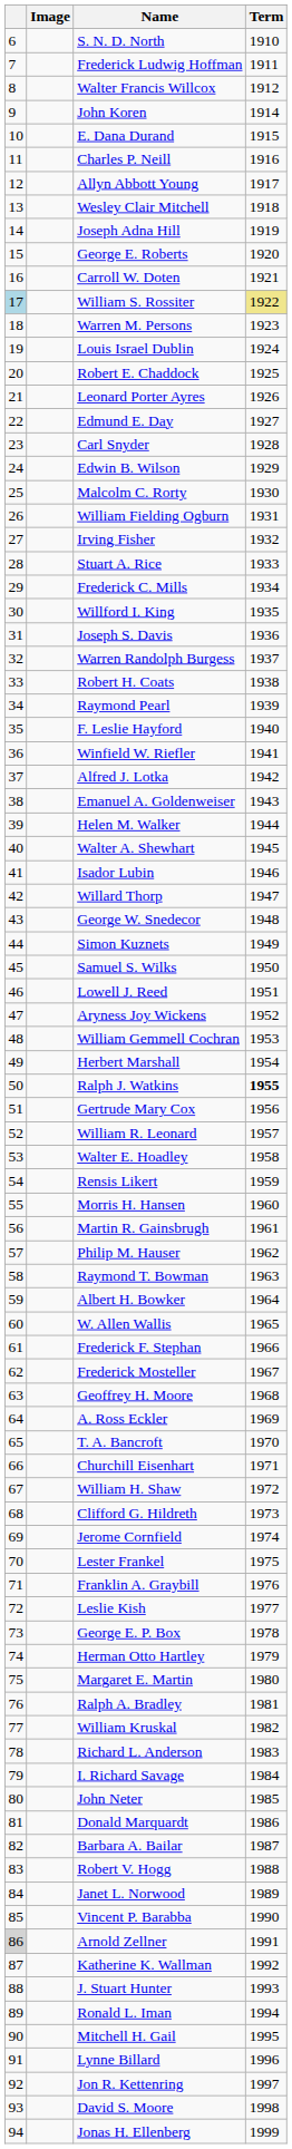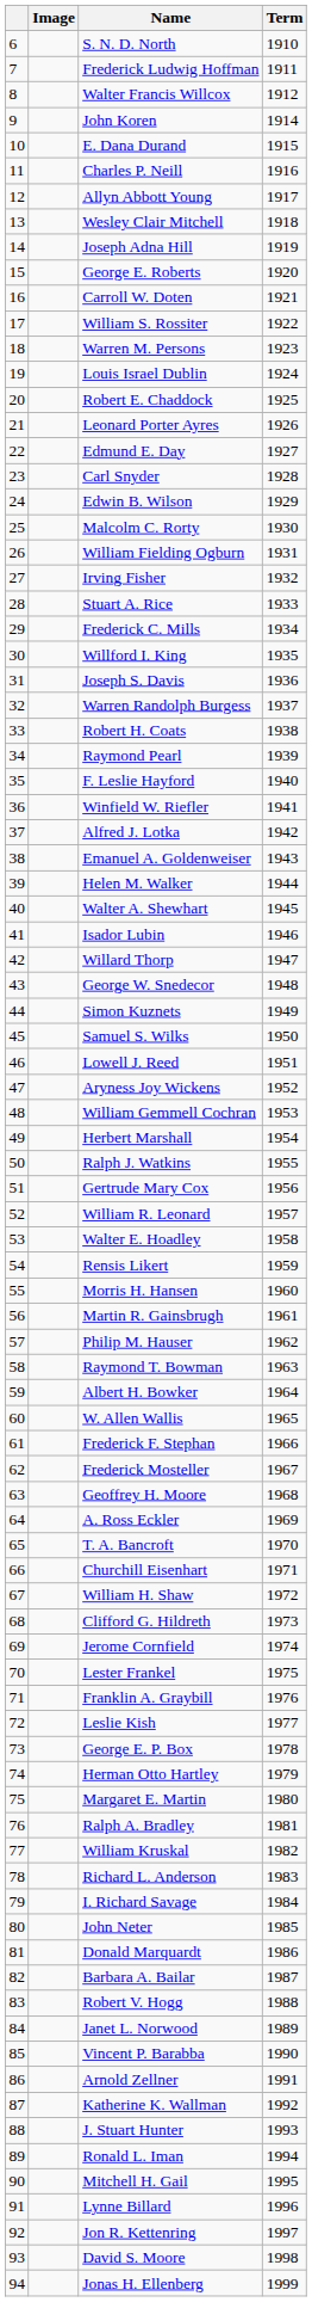 <table class="wikitable sortable">
 <tr>
 <th></th>
 <th class="unsortable">Image</th>
 <th>Name</th>
 <th>Term</th>
 </tr>
 <tr>
 <td>6</td>
 <td></td>
 <td><a href='#'>S. N. D. North</a></td>
 <td>1910</td>
 </tr>
 <tr>
 <td>7</td>
 <td></td>
 <td><a href='#'>Frederick Ludwig Hoffman</a></td>
 <td>1911</td>
 </tr>
 <tr>
 <td>8</td>
 <td></td>
 <td><a href='#'>Walter Francis Willcox</a></td>
 <td>1912</td>
 </tr>
 <tr>
 <td>9</td>
 <td></td>
 <td><a href='#'>John Koren</a></td>
 <td>1914</td>
 </tr>
 <tr>
 <td>10</td>
 <td></td>
 <td><a href='#'>E. Dana Durand</a></td>
 <td>1915</td>
 </tr>
 <tr>
 <td>11</td>
 <td></td>
 <td><a href='#'>Charles P. Neill</a></td>
 <td>1916</td>
 </tr>
 <tr>
 <td>12</td>
 <td></td>
 <td><a href='#'>Allyn Abbott Young</a></td>
 <td>1917</td>
 </tr>
 <tr>
 <td>13</td>
 <td></td>
 <td><a href='#'>Wesley Clair Mitchell</a></td>
 <td>1918</td>
 </tr>
 <tr>
 <td>14</td>
 <td></td>
 <td><a href='#'>Joseph Adna Hill</a></td>
 <td>1919</td>
 </tr>
 <tr>
 <td>15</td>
 <td></td>
 <td><a href='#'>George E. Roberts</a></td>
 <td>1920</td>
 </tr>
 <tr>
 <td>16</td>
 <td></td>
 <td><a href='#'>Carroll W. Doten</a></td>
 <td>1921</td>
 </tr>
 <tr>
-<td style="background: lightblue;">17</td>
+<td>17</td>
 <td></td>
 <td><a href='#'>William S. Rossiter</a></td>
-<td style="background: khaki;">1922</td>
+<td>1922</td>
 </tr>
 <tr>
 <td>18</td>
 <td></td>
 <td><a href='#'>Warren M. Persons</a></td>
 <td>1923</td>
 </tr>
 <tr>
 <td>19</td>
 <td></td>
 <td><a href='#'>Louis Israel Dublin</a></td>
 <td>1924</td>
 </tr>
 <tr>
 <td>20</td>
 <td></td>
 <td><a href='#'>Robert E. Chaddock</a></td>
 <td>1925</td>
 </tr>
 <tr>
 <td>21</td>
 <td></td>
 <td><a href='#'>Leonard Porter Ayres</a></td>
 <td>1926</td>
 </tr>
 <tr>
 <td>22</td>
 <td></td>
 <td><a href='#'>Edmund E. Day</a></td>
 <td>1927</td>
 </tr>
 <tr>
 <td>23</td>
 <td></td>
 <td><a href='#'>Carl Snyder</a></td>
 <td>1928</td>
 </tr>
 <tr>
 <td>24</td>
 <td></td>
 <td><a href='#'>Edwin B. Wilson</a></td>
 <td>1929</td>
 </tr>
 <tr>
 <td>25</td>
 <td></td>
 <td><a href='#'>Malcolm C. Rorty</a></td>
 <td>1930</td>
 </tr>
 <tr>
 <td>26</td>
 <td></td>
 <td><a href='#'>William Fielding Ogburn</a></td>
 <td>1931</td>
 </tr>
 <tr>
 <td>27</td>
 <td></td>
 <td><a href='#'>Irving Fisher</a></td>
 <td>1932</td>
 </tr>
 <tr>
 <td>28</td>
 <td></td>
 <td><a href='#'>Stuart A. Rice</a></td>
 <td>1933</td>
 </tr>
 <tr>
 <td>29</td>
 <td></td>
 <td><a href='#'>Frederick C. Mills</a></td>
 <td>1934</td>
 </tr>
 <tr>
 <td>30</td>
 <td></td>
 <td><a href='#'>Willford I. King</a></td>
 <td>1935</td>
 </tr>
 <tr>
 <td>31</td>
 <td></td>
 <td><a href='#'>Joseph S. Davis</a></td>
 <td>1936</td>
 </tr>
 <tr>
 <td>32</td>
 <td></td>
 <td><a href='#'>Warren Randolph Burgess</a></td>
 <td>1937</td>
 </tr>
 <tr>
 <td>33</td>
 <td></td>
 <td><a href='#'>Robert H. Coats</a></td>
 <td>1938</td>
 </tr>
 <tr>
 <td>34</td>
 <td></td>
 <td><a href='#'>Raymond Pearl</a></td>
 <td>1939</td>
 </tr>
 <tr>
 <td>35</td>
 <td></td>
 <td><a href='#'>F. Leslie Hayford</a></td>
 <td>1940</td>
 </tr>
 <tr>
 <td>36</td>
 <td></td>
 <td><a href='#'>Winfield W. Riefler</a></td>
 <td>1941</td>
 </tr>
 <tr>
 <td>37</td>
 <td></td>
 <td><a href='#'>Alfred J. Lotka</a></td>
 <td>1942</td>
 </tr>
 <tr>
 <td>38</td>
 <td></td>
 <td><a href='#'>Emanuel A. Goldenweiser</a></td>
 <td>1943</td>
 </tr>
 <tr>
 <td>39</td>
 <td></td>
 <td><a href='#'>Helen M. Walker</a></td>
 <td>1944</td>
 </tr>
 <tr>
 <td>40</td>
 <td></td>
 <td><a href='#'>Walter A. Shewhart</a></td>
 <td>1945</td>
 </tr>
 <tr>
 <td>41</td>
 <td></td>
 <td><a href='#'>Isador Lubin</a></td>
 <td>1946</td>
 </tr>
 <tr>
 <td>42</td>
 <td></td>
 <td><a href='#'>Willard Thorp</a></td>
 <td>1947</td>
 </tr>
 <tr>
 <td>43</td>
 <td></td>
 <td><a href='#'>George W. Snedecor</a></td>
 <td>1948</td>
 </tr>
 <tr>
 <td>44</td>
 <td></td>
 <td><a href='#'>Simon Kuznets</a></td>
 <td>1949</td>
 </tr>
 <tr>
 <td>45</td>
 <td></td>
 <td><a href='#'>Samuel S. Wilks</a></td>
 <td>1950</td>
 </tr>
 <tr>
 <td>46</td>
 <td></td>
 <td><a href='#'>Lowell J. Reed</a></td>
 <td>1951</td>
 </tr>
 <tr>
 <td>47</td>
 <td></td>
 <td><a href='#'>Aryness Joy Wickens</a></td>
 <td>1952</td>
 </tr>
 <tr>
 <td>48</td>
 <td></td>
 <td><a href='#'>William Gemmell Cochran</a></td>
 <td>1953</td>
 </tr>
 <tr>
 <td>49</td>
 <td></td>
 <td><a href='#'>Herbert Marshall</a></td>
 <td>1954</td>
 </tr>
 <tr>
 <td>50</td>
 <td></td>
 <td><a href='#'>Ralph J. Watkins</a></td>
-<td><strong>1955</strong></td>
+<td>1955</td>
 </tr>
 <tr>
 <td>51</td>
 <td></td>
 <td><a href='#'>Gertrude Mary Cox</a></td>
 <td>1956</td>
 </tr>
 <tr>
 <td>52</td>
 <td></td>
 <td><a href='#'>William R. Leonard</a></td>
 <td>1957</td>
 </tr>
 <tr>
 <td>53</td>
 <td></td>
 <td><a href='#'>Walter E. Hoadley</a></td>
 <td>1958</td>
 </tr>
 <tr>
 <td>54</td>
 <td></td>
 <td><a href='#'>Rensis Likert</a></td>
 <td>1959</td>
 </tr>
 <tr>
 <td>55</td>
 <td></td>
 <td><a href='#'>Morris H. Hansen</a></td>
 <td>1960</td>
 </tr>
 <tr>
 <td>56</td>
 <td></td>
 <td><a href='#'>Martin R. Gainsbrugh</a></td>
 <td>1961</td>
 </tr>
 <tr>
 <td>57</td>
 <td></td>
 <td><a href='#'>Philip M. Hauser</a></td>
 <td>1962</td>
 </tr>
 <tr>
 <td>58</td>
 <td></td>
 <td><a href='#'>Raymond T. Bowman</a></td>
 <td>1963</td>
 </tr>
 <tr>
 <td>59</td>
 <td></td>
 <td><a href='#'>Albert H. Bowker</a></td>
 <td>1964</td>
 </tr>
 <tr>
 <td>60</td>
 <td></td>
 <td><a href='#'>W. Allen Wallis</a></td>
 <td>1965</td>
 </tr>
 <tr>
 <td>61</td>
 <td></td>
 <td><a href='#'>Frederick F. Stephan</a></td>
 <td>1966</td>
 </tr>
 <tr>
 <td>62</td>
 <td></td>
 <td><a href='#'>Frederick Mosteller</a></td>
 <td>1967</td>
 </tr>
 <tr>
 <td>63</td>
 <td></td>
 <td><a href='#'>Geoffrey H. Moore</a></td>
 <td>1968</td>
 </tr>
 <tr>
 <td>64</td>
 <td></td>
 <td><a href='#'>A. Ross Eckler</a></td>
 <td>1969</td>
 </tr>
 <tr>
 <td>65</td>
 <td></td>
 <td><a href='#'>T. A. Bancroft</a></td>
 <td>1970</td>
 </tr>
 <tr>
 <td>66</td>
 <td></td>
 <td><a href='#'>Churchill Eisenhart</a></td>
 <td>1971</td>
 </tr>
 <tr>
 <td>67</td>
 <td></td>
 <td><a href='#'>William H. Shaw</a></td>
 <td>1972</td>
 </tr>
 <tr>
 <td>68</td>
 <td></td>
 <td><a href='#'>Clifford G. Hildreth</a></td>
 <td>1973</td>
 </tr>
 <tr>
 <td>69</td>
 <td></td>
 <td><a href='#'>Jerome Cornfield</a></td>
 <td>1974</td>
 </tr>
 <tr>
 <td>70</td>
 <td></td>
 <td><a href='#'>Lester Frankel</a></td>
 <td>1975</td>
 </tr>
 <tr>
 <td>71</td>
 <td></td>
 <td><a href='#'>Franklin A. Graybill</a></td>
 <td>1976</td>
 </tr>
 <tr>
 <td>72</td>
 <td></td>
 <td><a href='#'>Leslie Kish</a></td>
 <td>1977</td>
 </tr>
 <tr>
 <td>73</td>
 <td></td>
 <td><a href='#'>George E. P. Box</a></td>
 <td>1978</td>
 </tr>
 <tr>
 <td>74</td>
 <td></td>
 <td><a href='#'>Herman Otto Hartley</a></td>
 <td>1979</td>
 </tr>
 <tr>
 <td>75</td>
 <td></td>
 <td><a href='#'>Margaret E. Martin</a></td>
 <td>1980</td>
 </tr>
 <tr>
 <td>76</td>
 <td></td>
 <td><a href='#'>Ralph A. Bradley</a></td>
 <td>1981</td>
 </tr>
 <tr>
 <td>77</td>
 <td></td>
 <td><a href='#'>William Kruskal</a></td>
 <td>1982</td>
 </tr>
 <tr>
 <td>78</td>
 <td></td>
 <td><a href='#'>Richard L. Anderson</a></td>
 <td>1983</td>
 </tr>
 <tr>
 <td>79</td>
 <td></td>
 <td><a href='#'>I. Richard Savage</a></td>
 <td>1984</td>
 </tr>
 <tr>
 <td>80</td>
 <td></td>
 <td><a href='#'>John Neter</a></td>
 <td>1985</td>
 </tr>
 <tr>
 <td>81</td>
 <td></td>
 <td><a href='#'>Donald Marquardt</a></td>
 <td>1986</td>
 </tr>
 <tr>
 <td>82</td>
 <td></td>
 <td><a href='#'>Barbara A. Bailar</a></td>
 <td>1987</td>
 </tr>
 <tr>
 <td>83</td>
 <td></td>
 <td><a href='#'>Robert V. Hogg</a></td>
 <td>1988</td>
 </tr>
 <tr>
 <td>84</td>
 <td></td>
 <td><a href='#'>Janet L. Norwood</a></td>
 <td>1989</td>
 </tr>
 <tr>
 <td>85</td>
 <td></td>
 <td><a href='#'>Vincent P. Barabba</a></td>
 <td>1990</td>
 </tr>
 <tr>
-<td style="background: lightgrey;">86</td>
+<td>86</td>
 <td></td>
 <td><a href='#'>Arnold Zellner</a></td>
 <td>1991</td>
 </tr>
 <tr>
 <td>87</td>
 <td></td>
 <td><a href='#'>Katherine K. Wallman</a></td>
 <td>1992</td>
 </tr>
 <tr>
 <td>88</td>
 <td></td>
 <td><a href='#'>J. Stuart Hunter</a></td>
 <td>1993</td>
 </tr>
 <tr>
 <td>89</td>
 <td></td>
 <td><a href='#'>Ronald L. Iman</a></td>
 <td>1994</td>
 </tr>
 <tr>
 <td>90</td>
 <td></td>
 <td><a href='#'>Mitchell H. Gail</a></td>
 <td>1995</td>
 </tr>
 <tr>
 <td>91</td>
 <td></td>
 <td><a href='#'>Lynne Billard</a></td>
 <td>1996</td>
 </tr>
 <tr>
 <td>92</td>
 <td></td>
 <td><a href='#'>Jon R. Kettenring</a></td>
 <td>1997</td>
 </tr>
 <tr>
 <td>93</td>
 <td></td>
 <td><a href='#'>David S. Moore</a></td>
 <td>1998</td>
 </tr>
 <tr>
 <td>94</td>
 <td></td>
 <td><a href='#'>Jonas H. Ellenberg</a></td>
 <td>1999</td>
 </tr>
 </table>
